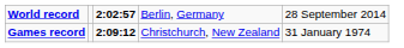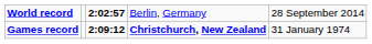 <table class="wikitable">
 <tr>
 <td><a href='#'><strong>World record</strong></a></td>
 <td></td>
 <td><strong>2:02:57</strong></td>
 <td><a href='#'>Berlin</a>, <a href='#'>Germany</a></td>
 <td>28 September 2014</td>
 </tr>
 <tr>
 <td><a href='#'><strong>Games record</strong></a></td>
 <td></td>
 <td><strong>2:09:12</strong></td>
-<td><a href='#'>Christchurch</a>, <a href='#'>New Zealand</a></td>
+<td><strong><a href='#'>Christchurch</a>, <a href='#'>New Zealand</a></strong></td>
 <td>31 January 1974</td>
 </tr>
 </table>
